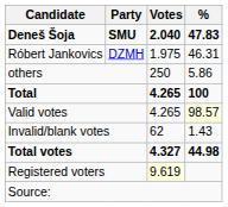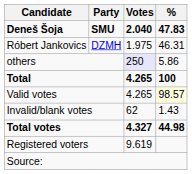 <table class="wikitable" style="text-align: left;">
 <tr>
 <th>Candidate</th>
 <th>Party</th>
 <th>Votes</th>
 <th>%</th>
 </tr>
 <tr>
 <td><strong>Deneš Šoja</strong></td>
 <td><strong>SMU</strong></td>
 <td><strong>2.040</strong></td>
 <td><strong>47.83</strong></td>
 </tr>
 <tr>
 <td>Róbert Jankovics</td>
 <td><a href='#'>DZMH</a></td>
 <td>1.975</td>
 <td>46.31</td>
 </tr>
 <tr>
 <td colspan="2">others</td>
-<td>250</td>
+<td style="background: lavender;">250</td>
 <td>5.86</td>
 </tr>
 <tr>
 <td colspan="2"><strong>Total</strong></td>
 <td><strong>4.265</strong></td>
 <td><strong>100</strong></td>
 </tr>
 <tr>
 <td colspan="2">Valid votes</td>
 <td>4.265</td>
 <td style="background: lightyellow;">98.57</td>
 </tr>
 <tr>
 <td colspan="2">Invalid/blank votes</td>
 <td>62</td>
 <td>1.43</td>
 </tr>
 <tr>
 <td colspan="2"><strong>Total votes</strong></td>
 <td><strong>4.327</strong></td>
 <td><strong>44.98</strong></td>
 </tr>
 <tr>
 <td colspan="2">Registered voters</td>
-<td style="background: lightyellow;">9.619</td>
+<td>9.619</td>
 <td></td>
 </tr>
 <tr>
 <td colspan="4">Source: </td>
 </tr>
 </table>
